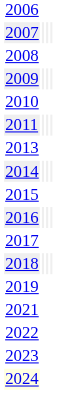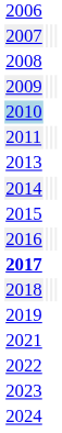 <table>
 <tr>
 <td><a href='#'>2006</a></td>
 <td></td>
 <td></td>
 <td></td>
 </tr>
 <tr bgcolor="#EFEFEF">
 <td><a href='#'>2007</a></td>
 <td></td>
 <td></td>
 <td></td>
 </tr>
 <tr>
 <td><a href='#'>2008</a></td>
 <td></td>
 <td></td>
 <td></td>
 </tr>
 <tr bgcolor="#EFEFEF">
 <td><a href='#'>2009</a></td>
 <td></td>
 <td></td>
 <td></td>
 </tr>
 <tr>
-<td><a href='#'>2010</a></td>
+<td style="background: lightblue;"><a href='#'>2010</a></td>
 <td></td>
 <td></td>
 <td></td>
 </tr>
 <tr bgcolor="#EFEFEF">
 <td><a href='#'>2011</a></td>
 <td></td>
 <td></td>
 <td></td>
 </tr>
 <tr>
 <td><a href='#'>2013</a></td>
 <td></td>
 <td></td>
 <td></td>
 </tr>
 <tr bgcolor="#EFEFEF">
 <td><a href='#'>2014</a></td>
 <td></td>
 <td></td>
 <td></td>
 </tr>
 <tr>
 <td><a href='#'>2015</a></td>
 <td></td>
 <td></td>
 <td></td>
 </tr>
 <tr bgcolor="#EFEFEF">
 <td><a href='#'>2016</a></td>
 <td></td>
 <td></td>
 <td></td>
 </tr>
 <tr>
-<td><a href='#'>2017</a></td>
+<td><strong><a href='#'>2017</a></strong></td>
 <td></td>
 <td></td>
 <td></td>
 </tr>
 <tr bgcolor="#EFEFEF">
 <td><a href='#'>2018</a></td>
 <td></td>
 <td></td>
 <td></td>
 </tr>
 <tr>
 <td><a href='#'>2019</a></td>
 <td></td>
 <td></td>
 <td></td>
 </tr>
 <tr>
 <td><a href='#'>2021</a></td>
 <td></td>
 <td></td>
 <td></td>
 </tr>
 <tr>
 <td><a href='#'>2022</a></td>
 <td></td>
 <td></td>
 <td></td>
 </tr>
 <tr>
 <td><a href='#'>2023</a></td>
 <td></td>
 <td></td>
 <td></td>
 </tr>
 <tr>
-<td style="background: lightyellow;"><a href='#'>2024</a></td>
+<td><a href='#'>2024</a></td>
 <td></td>
 <td></td>
 <td></td>
 </tr>
 </table>
